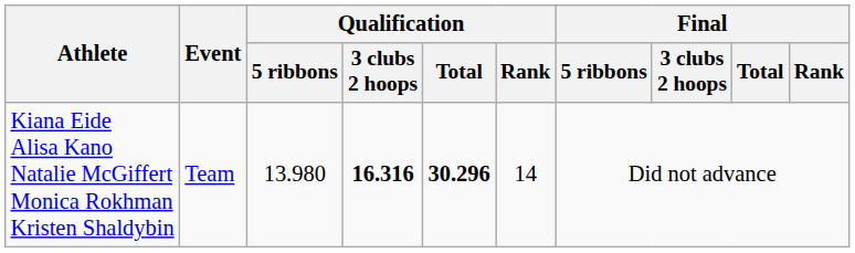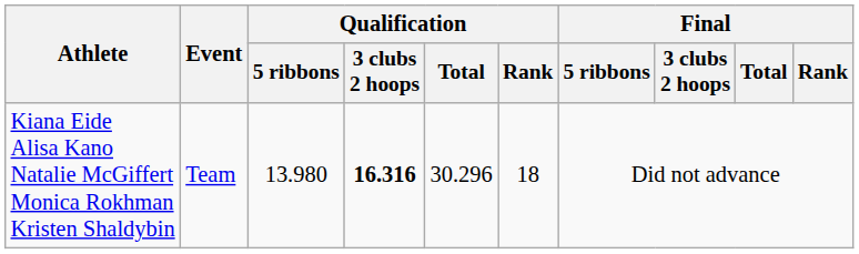 <table class=wikitable style=font-size:90%;text-align:center>
 <tr>
 <th rowspan=2>Athlete</th>
 <th rowspan=2>Event</th>
 <th colspan=4>Qualification</th>
 <th colspan=4>Final</th>
 </tr>
 <tr style=font-size:95%>
 <th>5 ribbons</th>
 <th>3 clubs<br>2 hoops</th>
 <th>Total</th>
 <th>Rank</th>
 <th>5 ribbons</th>
 <th>3 clubs<br>2 hoops</th>
 <th>Total</th>
 <th>Rank</th>
 </tr>
 <tr>
 <td align=left><a href='#'>Kiana Eide</a><br><a href='#'>Alisa Kano</a><br><a href='#'>Natalie McGiffert</a><br><a href='#'>Monica Rokhman</a><br><a href='#'>Kristen Shaldybin</a></td>
 <td align=left><a href='#'>Team</a></td>
 <td>13.980</td>
 <td><strong>16.316</strong></td>
-<td><strong>30.296</strong></td>
-<td>14</td>
+<td>30.296</td>
+<td>18</td>
 <td colspan=4>Did not advance</td>
 </tr>
 </table>
